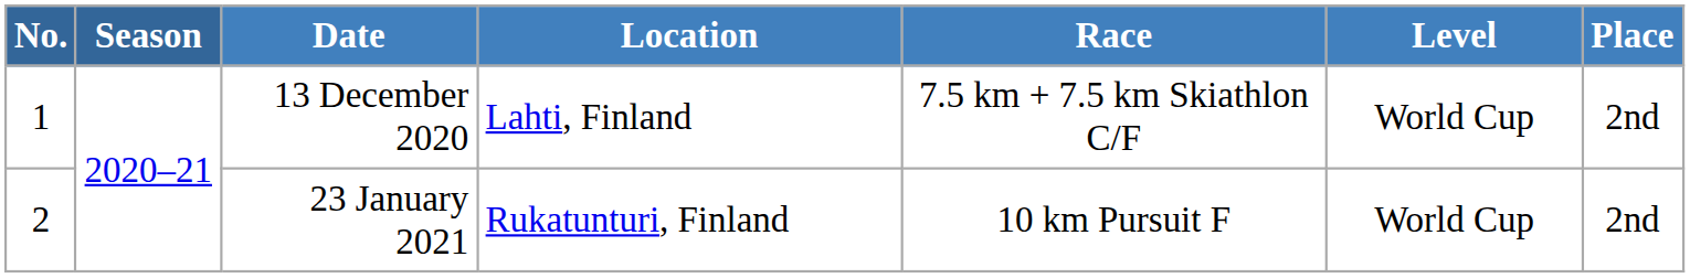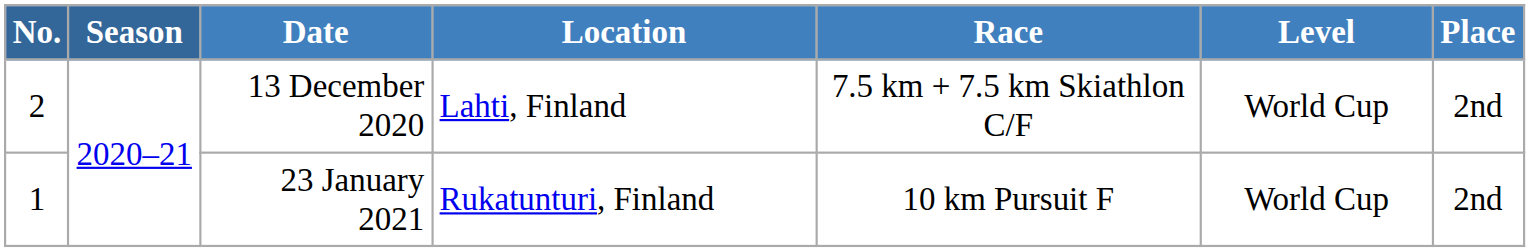 <table class="wikitable sortable" style="font-size:95%; text-align:center; border:grey solid 1px; border-collapse:collapse; background:#ffffff;">
 <tr style="background:#efefef;">
 <th style="background-color:#369; color:white;">No.</th>
 <th style="background-color:#369; color:white;">Season</th>
 <th style="background-color:#4180be; color:white; width:100px;">Date</th>
 <th style="background-color:#4180be; color:white; width:170px;">Location</th>
 <th style="background-color:#4180be; color:white; width:170px;">Race</th>
 <th style="background-color:#4180be; color:white; width:100px;">Level</th>
 <th style="background-color:#4180be; color:white;">Place</th>
 </tr>
 <tr>
-<td align=center>1</td>
+<td align=center>2</td>
 <td rowspan="2" align="center"><a href='#'>2020–21</a></td>
 <td align=right>13 December 2020</td>
 <td align=left> <a href='#'>Lahti</a>, Finland</td>
 <td>7.5 km + 7.5 km Skiathlon C/F</td>
 <td>World Cup</td>
 <td>2nd</td>
 </tr>
 <tr>
-<td align=center>2</td>
+<td align=center>1</td>
 <td align=right>23 January 2021</td>
 <td align=left> <a href='#'>Rukatunturi</a>, Finland</td>
 <td>10 km Pursuit F</td>
 <td>World Cup</td>
 <td>2nd</td>
 </tr>
 </table>
